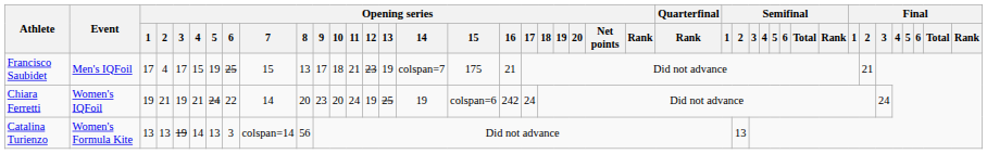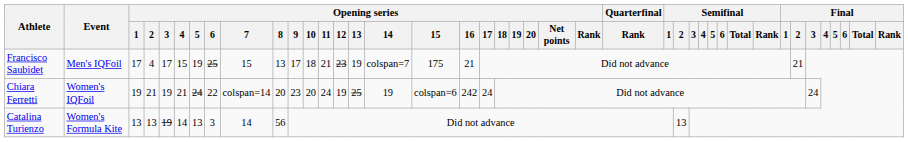 <table class="wikitable" style="font-size:90%">
 <tr>
 <th rowspan=2>Athlete</th>
 <th rowspan=2>Event</th>
 <th colspan=22>Opening series</th>
 <th>Quarterfinal</th>
 <th colspan=8>Semifinal</th>
 <th colspan=8>Final</th>
 </tr>
 <tr style=font-size:95%>
 <th>1</th>
 <th>2</th>
 <th>3</th>
 <th>4</th>
 <th>5</th>
 <th>6</th>
 <th>7</th>
 <th>8</th>
 <th>9</th>
 <th>10</th>
 <th>11</th>
 <th>12</th>
 <th>13</th>
 <th>14</th>
 <th>15</th>
 <th>16</th>
 <th>17</th>
 <th>18</th>
 <th>19</th>
 <th>20</th>
 <th>Net points</th>
 <th>Rank</th>
 <th>Rank</th>
 <th>1</th>
 <th>2</th>
 <th>3</th>
 <th>4</th>
 <th>5</th>
 <th>6</th>
 <th>Total</th>
 <th>Rank</th>
 <th>1</th>
 <th>2</th>
 <th>3</th>
 <th>4</th>
 <th>5</th>
 <th>6</th>
 <th>Total</th>
 <th>Rank</th>
 </tr>
 <tr align=center>
 <td align=left><a href='#'>Francisco Saubidet</a></td>
 <td align=left><a href='#'>Men's IQFoil</a></td>
 <td>17</td>
 <td>4</td>
 <td>17</td>
 <td>15</td>
 <td>19</td>
 <td><s>25</s></td>
 <td>15</td>
 <td>13</td>
 <td>17</td>
 <td>18</td>
 <td>21</td>
 <td><s>23</s></td>
 <td>19</td>
 <td>colspan=7 </td>
 <td>175</td>
 <td>21</td>
 <td colspan=16>Did not advance</td>
 <td>21</td>
 </tr>
 <tr align=center>
 <td align=left><a href='#'>Chiara Ferretti</a></td>
 <td align=left><a href='#'>Women's IQFoil</a></td>
 <td>19</td>
 <td>21</td>
 <td>19</td>
 <td>21</td>
 <td><s>24</s></td>
 <td>22</td>
-<td>14</td>
+<td>colspan=14 </td>
 <td>20</td>
 <td>23</td>
 <td>20</td>
 <td>24</td>
 <td>19</td>
 <td><s>25</s></td>
 <td>19</td>
 <td>colspan=6 </td>
 <td>242</td>
 <td>24</td>
 <td colspan=16>Did not advance</td>
 <td>24</td>
 </tr>
 <tr align=center>
 <td align=left><a href='#'>Catalina Turienzo</a></td>
 <td align=left><a href='#'>Women's Formula Kite</a></td>
 <td>13</td>
 <td>13</td>
 <td><s>19</s></td>
 <td>14</td>
 <td>13</td>
 <td>3</td>
-<td>colspan=14 </td>
+<td>14</td>
 <td>56</td>
 <td colspan=16>Did not advance</td>
 <td>13</td>
 </tr>
 </table>
